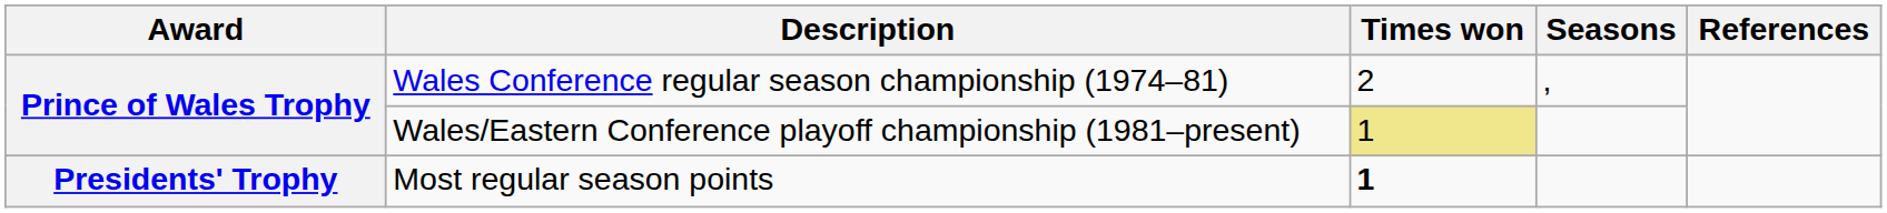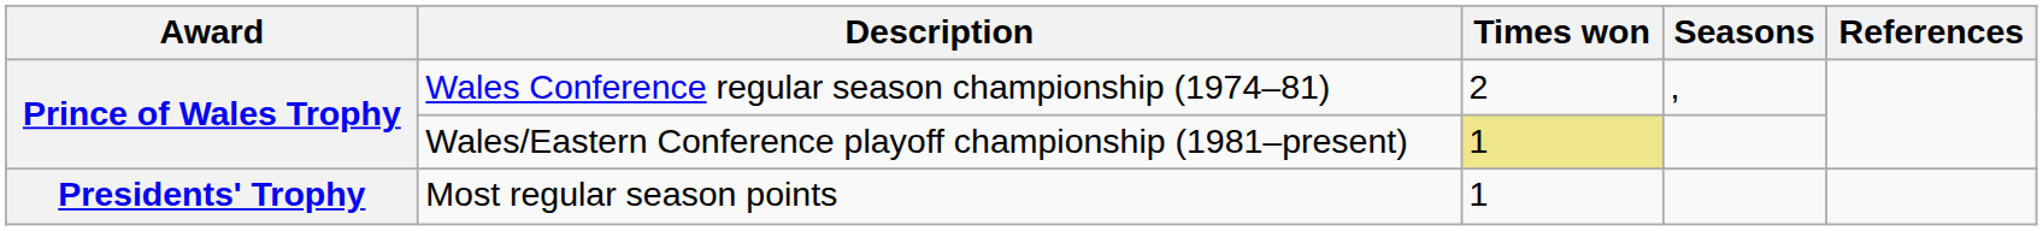 <table class="wikitable" width="75%">
 <tr>
 <th scope="col">Award</th>
 <th scope="col">Description</th>
 <th scope="col">Times won</th>
 <th scope="col">Seasons</th>
 <th scope="col">References<br></th>
 </tr>
 <tr>
 <th scope="row" rowspan="2"><a href='#'>Prince of Wales Trophy</a></th>
 <td><a href='#'>Wales Conference</a> regular season championship (1974–81)</td>
 <td>2</td>
 <td>, </td>
 <td rowspan="2"></td>
 </tr>
 <tr>
 <td>Wales/Eastern Conference playoff championship (1981–present)</td>
 <td style="background: khaki;">1</td>
 <td></td>
 </tr>
 <tr>
 <th scope="row"><a href='#'>Presidents' Trophy</a></th>
 <td>Most regular season points</td>
-<td><strong>1</strong></td>
+<td>1</td>
 <td></td>
 <td></td>
 </tr>
 </table>
